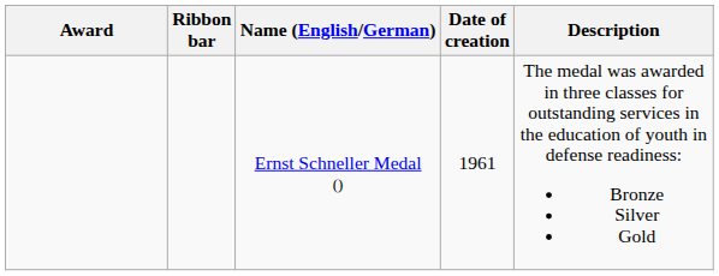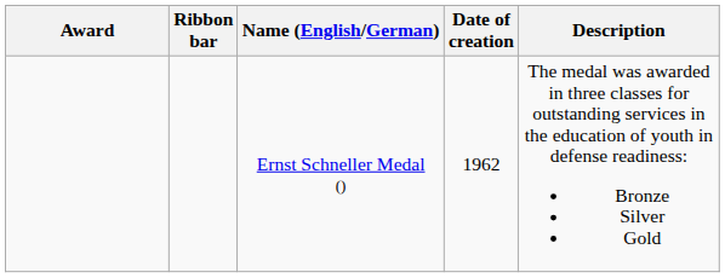 <table class="wikitable sortable" style="text-align:center">
 <tr>
 <th style="width:25%">Award</th>
 <th style="width:5%">Ribbon<br>bar</th>
 <th style="width:30%">Name (<a href='#'>English</a>/<a href='#'>German</a>)</th>
 <th style="width:10%">Date of<br>creation</th>
 <th style="width:30%">Description</th>
 </tr>
 <tr>
 <td></td>
 <td><br>  </td>
 <td><br><a href='#'>Ernst Schneller Medal</a><br><small>()</small></td>
-<td>1961</td>
+<td>1962</td>
 <td>The medal was awarded in three classes for outstanding services in the education of youth in defense readiness:<br><ul><li>Bronze</li><li>Silver</li><li>Gold</li></ul></td>
 </tr>
 </table>
